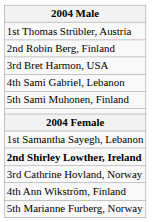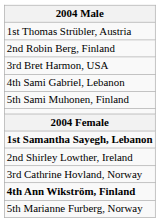 <table class="wikitable" style="float:left; margin-right:1em">
 <tr>
 <th>2004 Male</th>
 </tr>
 <tr>
 <td>1st Thomas Strübler, Austria</td>
 </tr>
 <tr>
 <td>2nd Robin Berg, Finland</td>
 </tr>
 <tr>
 <td>3rd Bret Harmon, USA</td>
 </tr>
 <tr>
 <td>4th Sami Gabriel, Lebanon</td>
 </tr>
 <tr>
 <td>5th Sami Muhonen, Finland</td>
 </tr>
 <tr>
 <td></td>
 </tr>
 <tr>
 <th>2004 Female</th>
 </tr>
 <tr>
-<td>1st Samantha Sayegh, Lebanon</td>
+<td><strong>1st Samantha Sayegh, Lebanon</strong></td>
 </tr>
 <tr>
-<td><strong>2nd Shirley Lowther, Ireland</strong></td>
+<td>2nd Shirley Lowther, Ireland</td>
 </tr>
 <tr>
 <td>3rd Cathrine Hovland, Norway</td>
 </tr>
 <tr>
-<td>4th Ann Wikström, Finland</td>
+<td><strong>4th Ann Wikström, Finland</strong></td>
 </tr>
 <tr>
 <td>5th Marianne Furberg, Norway</td>
 </tr>
 </table>
